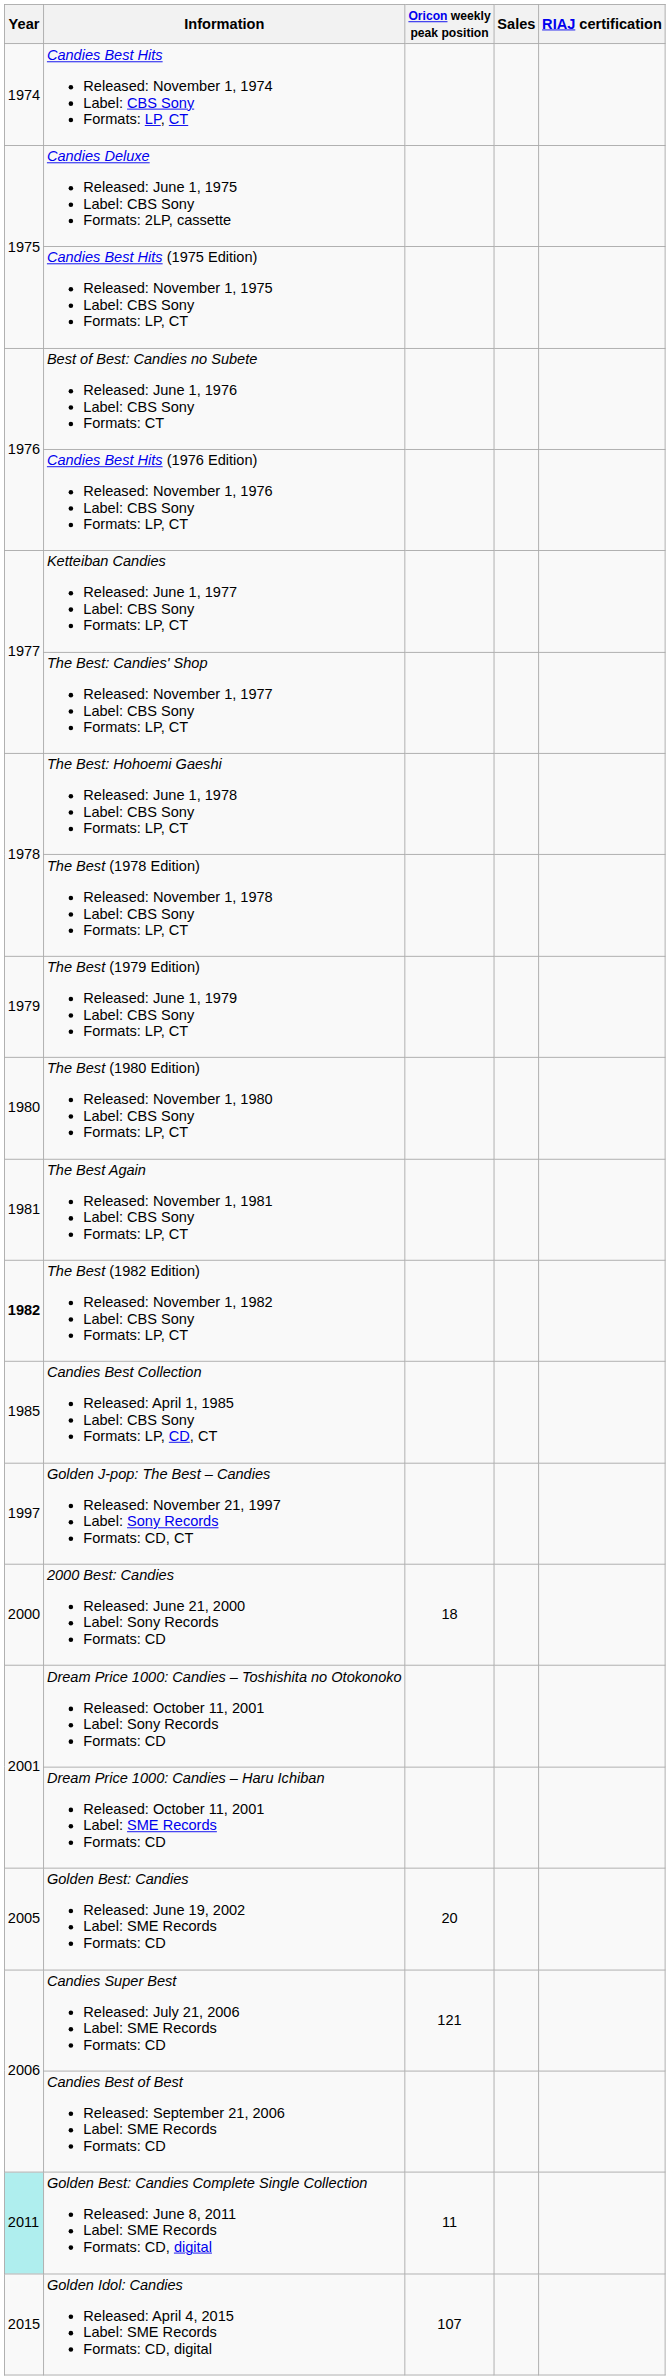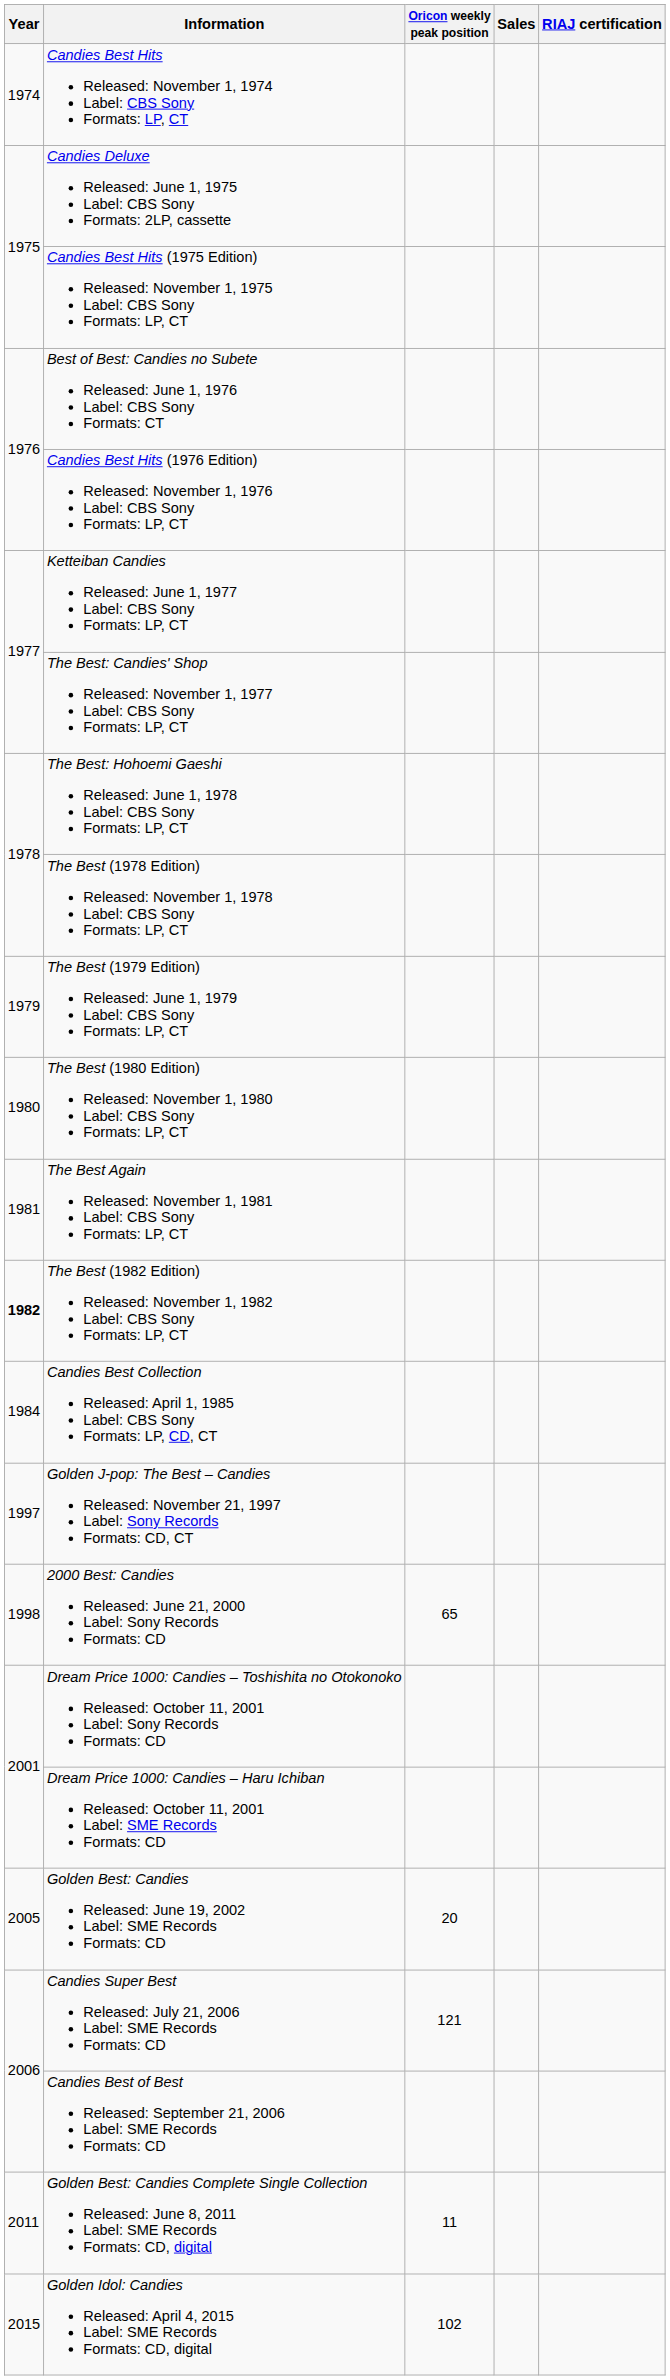 <table class="wikitable">
 <tr>
 <th>Year</th>
 <th>Information</th>
 <th><small><a href='#'>Oricon</a> weekly<br>peak position</small></th>
 <th>Sales<br></th>
 <th><a href='#'>RIAJ</a> certification</th>
 </tr>
 <tr>
 <td>1974</td>
 <td><em><a href='#'>Candies Best Hits</a></em><br><ul><li>Released: November 1, 1974</li><li>Label: <a href='#'>CBS Sony</a></li><li>Formats: <a href='#'>LP</a>, <a href='#'>CT</a></li></ul></td>
 <td style="text-align:center;"></td>
 <td align="left"></td>
 <td align="left"></td>
 </tr>
 <tr>
 <td rowspan="2">1975</td>
 <td><em><a href='#'>Candies Deluxe</a></em><br><ul><li>Released: June 1, 1975</li><li>Label: CBS Sony</li><li>Formats: 2LP, cassette</li></ul></td>
 <td style="text-align:center;"></td>
 <td align="left"></td>
 <td align="left"></td>
 </tr>
 <tr>
 <td><em><a href='#'>Candies Best Hits</a></em> (1975 Edition)<br><ul><li>Released: November 1, 1975</li><li>Label: CBS Sony</li><li>Formats: LP, CT</li></ul></td>
 <td style="text-align:center;"></td>
 <td align="left"></td>
 <td align="left"></td>
 </tr>
 <tr>
 <td rowspan="2">1976</td>
 <td><em>Best of Best: Candies no Subete</em><br><ul><li>Released: June 1, 1976</li><li>Label: CBS Sony</li><li>Formats: CT</li></ul></td>
 <td style="text-align:center;"></td>
 <td align="left"></td>
 <td align="left"></td>
 </tr>
 <tr>
 <td><em><a href='#'>Candies Best Hits</a></em> (1976 Edition)<br><ul><li>Released: November 1, 1976</li><li>Label: CBS Sony</li><li>Formats: LP, CT</li></ul></td>
 <td style="text-align:center;"></td>
 <td align="left"></td>
 <td align="left"></td>
 </tr>
 <tr>
 <td rowspan="2">1977</td>
 <td><em>Ketteiban Candies</em><br><ul><li>Released: June 1, 1977</li><li>Label: CBS Sony</li><li>Formats: LP, CT</li></ul></td>
 <td style="text-align:center;"></td>
 <td align="left"></td>
 <td align="left"></td>
 </tr>
 <tr>
 <td><em>The Best: Candies' Shop</em><br><ul><li>Released: November 1, 1977</li><li>Label: CBS Sony</li><li>Formats: LP, CT</li></ul></td>
 <td style="text-align:center;"></td>
 <td align="left"></td>
 <td align="left"></td>
 </tr>
 <tr>
 <td rowspan="2">1978</td>
 <td><em>The Best: Hohoemi Gaeshi</em><br><ul><li>Released: June 1, 1978</li><li>Label: CBS Sony</li><li>Formats: LP, CT</li></ul></td>
 <td style="text-align:center;"></td>
 <td align="left"></td>
 <td align="left"></td>
 </tr>
 <tr>
 <td><em>The Best</em> (1978 Edition)<br><ul><li>Released: November 1, 1978</li><li>Label: CBS Sony</li><li>Formats: LP, CT</li></ul></td>
 <td style="text-align:center;"></td>
 <td align="left"></td>
 <td align="left"></td>
 </tr>
 <tr>
 <td>1979</td>
 <td><em>The Best</em> (1979 Edition)<br><ul><li>Released: June 1, 1979</li><li>Label: CBS Sony</li><li>Formats: LP, CT</li></ul></td>
 <td style="text-align:center;"></td>
 <td align="left"></td>
 <td align="left"></td>
 </tr>
 <tr>
 <td>1980</td>
 <td><em>The Best</em> (1980 Edition)<br><ul><li>Released: November 1, 1980</li><li>Label: CBS Sony</li><li>Formats: LP, CT</li></ul></td>
 <td style="text-align:center;"></td>
 <td align="left"></td>
 <td align="left"></td>
 </tr>
 <tr>
 <td>1981</td>
 <td><em>The Best Again</em><br><ul><li>Released: November 1, 1981</li><li>Label: CBS Sony</li><li>Formats: LP, CT</li></ul></td>
 <td style="text-align:center;"></td>
 <td align="left"></td>
 <td align="left"></td>
 </tr>
 <tr>
 <td><strong>1982</strong></td>
 <td><em>The Best</em> (1982 Edition)<br><ul><li>Released: November 1, 1982</li><li>Label: CBS Sony</li><li>Formats: LP, CT</li></ul></td>
 <td style="text-align:center;"></td>
 <td align="left"></td>
 <td align="left"></td>
 </tr>
 <tr>
-<td>1985</td>
+<td>1984</td>
 <td><em>Candies Best Collection</em><br><ul><li>Released: April 1, 1985</li><li>Label: CBS Sony</li><li>Formats: LP, <a href='#'>CD</a>, CT</li></ul></td>
 <td style="text-align:center;"></td>
 <td align="left"></td>
 <td align="left"></td>
 </tr>
 <tr>
 <td>1997</td>
 <td><em>Golden J-pop: The Best – Candies</em><br><ul><li>Released: November 21, 1997</li><li>Label: <a href='#'>Sony Records</a></li><li>Formats: CD, CT</li></ul></td>
 <td style="text-align:center;"></td>
 <td align="left"></td>
 <td align="left"></td>
 </tr>
 <tr>
-<td>2000</td>
+<td>1998</td>
 <td><em>2000 Best: Candies</em><br><ul><li>Released: June 21, 2000</li><li>Label: Sony Records</li><li>Formats: CD</li></ul></td>
-<td style="text-align:center;">18</td>
+<td style="text-align:center;">65</td>
 <td align="left"></td>
 <td align="left"></td>
 </tr>
 <tr>
 <td rowspan="2">2001</td>
 <td><em>Dream Price 1000: Candies – Toshishita no Otokonoko</em><br><ul><li>Released: October 11, 2001</li><li>Label: Sony Records</li><li>Formats: CD</li></ul></td>
 <td style="text-align:center;"></td>
 <td align="left"></td>
 <td align="left"></td>
 </tr>
 <tr>
 <td><em>Dream Price 1000: Candies – Haru Ichiban</em><br><ul><li>Released: October 11, 2001</li><li>Label: <a href='#'>SME Records</a></li><li>Formats: CD</li></ul></td>
 <td style="text-align:center;"></td>
 <td align="left"></td>
 <td align="left"></td>
 </tr>
 <tr>
 <td>2005</td>
 <td><em>Golden Best: Candies</em><br><ul><li>Released: June 19, 2002</li><li>Label: SME Records</li><li>Formats: CD</li></ul></td>
 <td style="text-align:center;">20</td>
 <td align="left"></td>
 <td align="left"></td>
 </tr>
 <tr>
 <td rowspan="2">2006</td>
 <td><em>Candies Super Best</em><br><ul><li>Released: July 21, 2006</li><li>Label: SME Records</li><li>Formats: CD</li></ul></td>
 <td style="text-align:center;">121</td>
 <td align="left"></td>
 <td align="left"></td>
 </tr>
 <tr>
 <td><em>Candies Best of Best</em><br><ul><li>Released: September 21, 2006</li><li>Label: SME Records</li><li>Formats: CD</li></ul></td>
 <td style="text-align:center;"></td>
 <td align="left"></td>
 <td align="left"></td>
 </tr>
 <tr>
-<td style="background: paleturquoise;">2011</td>
+<td>2011</td>
 <td><em>Golden Best: Candies Complete Single Collection</em><br><ul><li>Released: June 8, 2011</li><li>Label: SME Records</li><li>Formats: CD, <a href='#'>digital</a></li></ul></td>
 <td style="text-align:center;">11</td>
 <td align="left"></td>
 <td align="left"></td>
 </tr>
 <tr>
 <td>2015</td>
 <td><em>Golden Idol: Candies</em><br><ul><li>Released: April 4, 2015</li><li>Label: SME Records</li><li>Formats: CD, digital</li></ul></td>
-<td style="text-align:center;">107</td>
+<td style="text-align:center;">102</td>
 <td align="left"></td>
 <td align="left"></td>
 </tr>
 </table>
